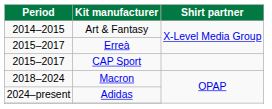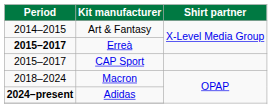 <table class="wikitable" style="text-align: center">
 <tr>
 <th style="color:#fff; background:#007942;">Period</th>
 <th style="color:#fff; background:#007942;">Kit manufacturer</th>
 <th style="color:#fff; background:#007942;">Shirt partner</th>
 </tr>
 <tr>
 <td>2014–2015</td>
 <td>Art & Fantasy</td>
 <td rowspan=2><a href='#'>X-Level Media Group</a></td>
 </tr>
 <tr>
-<td>2015–2017</td>
+<td><strong>2015–2017</strong></td>
 <td><a href='#'>Erreà</a></td>
 </tr>
 <tr>
 <td>2015–2017</td>
 <td><a href='#'>CAP Sport</a></td>
 </tr>
 <tr>
 <td>2018–2024</td>
 <td><a href='#'>Macron</a></td>
 <td rowspan=3><a href='#'>OPAP</a></td>
 </tr>
 <tr>
-<td>2024–present</td>
+<td><strong>2024–present</strong></td>
 <td><a href='#'>Adidas</a></td>
 </tr>
 <tr>
 </tr>
 </table>
